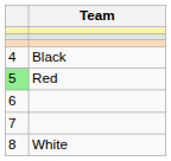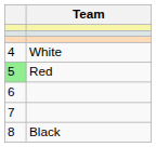 <table class="wikitable">
 <tr>
 <th width=20></th>
 <th width=150>Team</th>
 </tr>
 <tr style="background:#F7F6A8;">
 <td style="text-align:center;"></td>
 <td></td>
 </tr>
 <tr style="background:#DCE5E5;">
 <td style="text-align:center;"></td>
 <td></td>
 </tr>
 <tr style="background:#FFDAB9;">
 <td style="text-align:center;"></td>
 <td></td>
 </tr>
 <tr>
 <td>4</td>
-<td> Black</td>
+<td> White</td>
 </tr>
 <tr>
 <td style="background: lightgreen;">5</td>
 <td> Red</td>
 </tr>
 <tr>
 <td>6</td>
 <td></td>
 </tr>
 <tr>
 <td>7</td>
 <td></td>
 </tr>
 <tr>
 <td>8</td>
-<td> White</td>
+<td> Black</td>
 </tr>
 </table>
